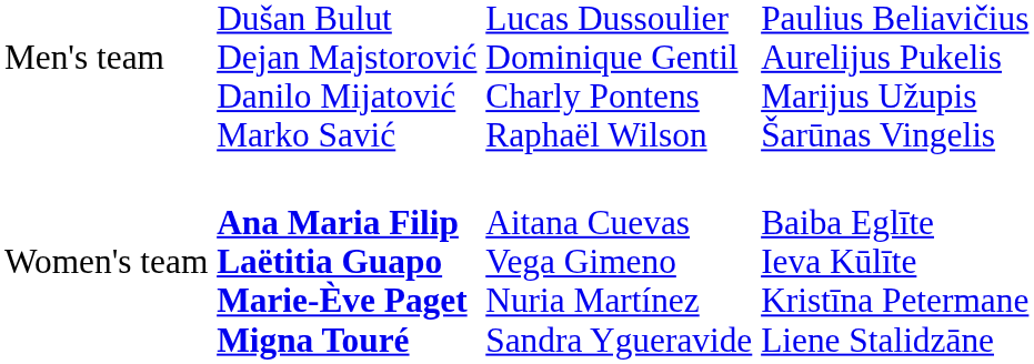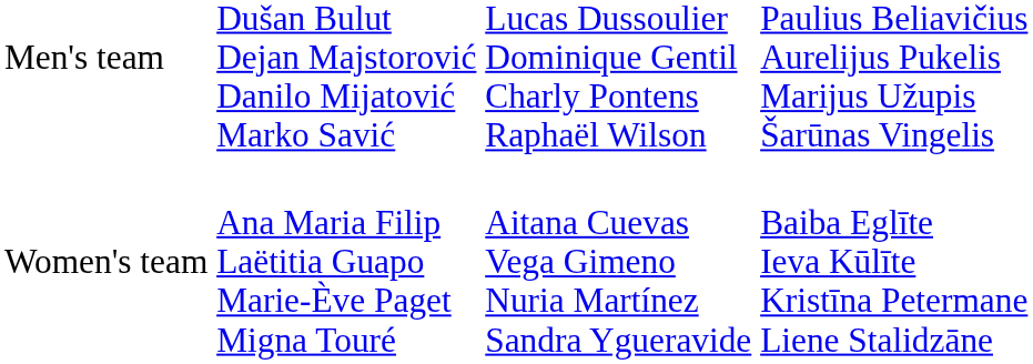 <table>
 <tr>
 <td>Men's team</td>
 <td><br><a href='#'>Dušan Bulut</a><br><a href='#'>Dejan Majstorović</a><br><a href='#'>Danilo Mijatović</a><br><a href='#'>Marko Savić</a></td>
 <td><br><a href='#'>Lucas Dussoulier</a><br><a href='#'>Dominique Gentil</a><br><a href='#'>Charly Pontens</a><br><a href='#'>Raphaël Wilson</a></td>
 <td><br><a href='#'>Paulius Beliavičius</a><br><a href='#'>Aurelijus Pukelis</a><br><a href='#'>Marijus Užupis</a><br><a href='#'>Šarūnas Vingelis</a></td>
 </tr>
 <tr>
 <td>Women's team</td>
-<td><strong><br><a href='#'>Ana Maria Filip</a><br><a href='#'>Laëtitia Guapo</a><br><a href='#'>Marie-Ève Paget</a><br><a href='#'>Migna Touré</a></strong></td>
+<td><br><a href='#'>Ana Maria Filip</a><br><a href='#'>Laëtitia Guapo</a><br><a href='#'>Marie-Ève Paget</a><br><a href='#'>Migna Touré</a></td>
 <td><br><a href='#'>Aitana Cuevas</a><br><a href='#'>Vega Gimeno</a><br><a href='#'>Nuria Martínez</a><br><a href='#'>Sandra Ygueravide</a></td>
 <td><br><a href='#'>Baiba Eglīte</a><br><a href='#'>Ieva Kūlīte</a><br><a href='#'>Kristīna Petermane</a><br><a href='#'>Liene Stalidzāne</a></td>
 </tr>
 </table>
